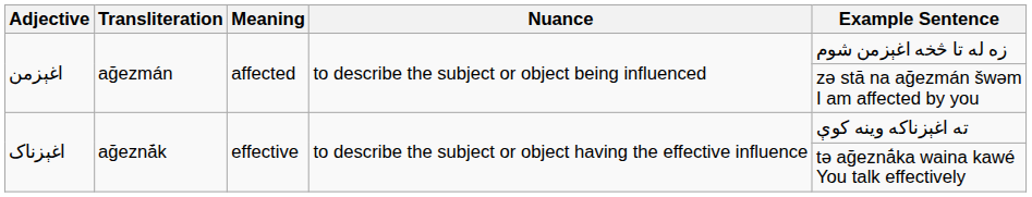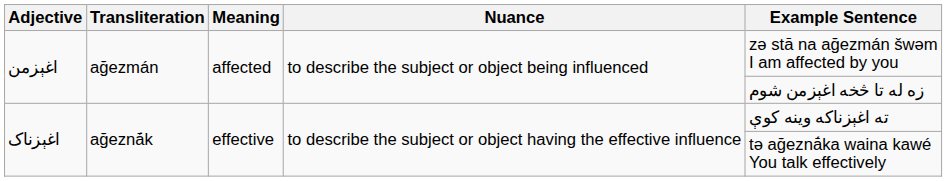 <table class="wikitable">
 <tr>
 <th>Adjective</th>
 <th>Transliteration</th>
 <th>Meaning</th>
 <th>Nuance</th>
 <th>Example Sentence</th>
 </tr>
 <tr>
 <td rowspan="2">اغېزمن</td>
 <td rowspan="2">ağezmán</td>
 <td rowspan="2">affected</td>
 <td rowspan="2">to describe the subject or object being influenced</td>
-<td>زه له تا څخه اغېزمن شوم</td>
+<td>zə stā na ağezmán šwəm<br>I am affected by you</td>
 </tr>
 <tr>
-<td>zə stā na ağezmán šwəm<br>I am affected by you</td>
+<td>زه له تا څخه اغېزمن شوم</td>
 </tr>
 <tr>
 <td rowspan="2">اغېزناک</td>
 <td rowspan="2">ağeznā́k</td>
 <td rowspan="2">effective</td>
 <td rowspan="2">to describe the subject or object having the effective influence</td>
 <td>ته اغېزناکه وينه کوې</td>
 </tr>
 <tr>
 <td>tə ağeznā́ka waina kawé<br>You talk effectively</td>
 </tr>
 </table>
